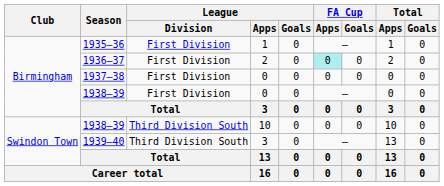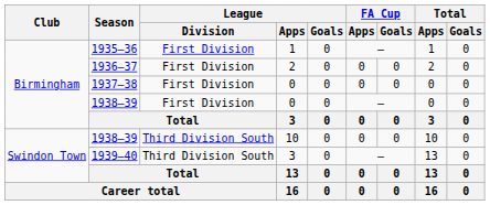 <table class="wikitable" style="text-align: center;">
 <tr>
 <th rowspan="2" scope="col">Club</th>
 <th rowspan="2" scope="col">Season</th>
 <th colspan="3" scope="col">League</th>
 <th colspan="2" scope="col"><a href='#'>FA Cup</a></th>
 <th colspan="2" scope="col">Total</th>
 </tr>
 <tr>
 <th scope="col">Division</th>
 <th scope="col">Apps</th>
 <th scope="col">Goals</th>
 <th scope="col">Apps</th>
 <th scope="col">Goals</th>
 <th scope="col">Apps</th>
 <th scope="col">Goals</th>
 </tr>
 <tr>
 <td rowspan="5"><a href='#'>Birmingham</a></td>
 <td><a href='#'>1935–36</a></td>
 <td><a href='#'>First Division</a></td>
 <td>1</td>
 <td>0</td>
 <td colspan="2">—</td>
 <td>1</td>
 <td>0</td>
 </tr>
 <tr>
 <td><a href='#'>1936–37</a></td>
 <td>First Division</td>
 <td>2</td>
 <td>0</td>
-<td style="background: paleturquoise;">0</td>
+<td>0</td>
 <td>0</td>
 <td>2</td>
 <td>0</td>
 </tr>
 <tr>
 <td><a href='#'>1937–38</a></td>
 <td>First Division</td>
 <td>0</td>
 <td>0</td>
 <td>0</td>
 <td>0</td>
 <td>0</td>
 <td>0</td>
 </tr>
 <tr>
 <td><a href='#'>1938–39</a></td>
 <td>First Division</td>
 <td>0</td>
 <td>0</td>
 <td colspan="2">—</td>
 <td>0</td>
 <td>0</td>
 </tr>
 <tr>
 <th colspan="2">Total</th>
 <th>3</th>
 <th>0</th>
 <th>0</th>
 <th>0</th>
 <th>3</th>
 <th>0</th>
 </tr>
 <tr>
 <td rowspan="3"><a href='#'>Swindon Town</a></td>
 <td><a href='#'>1938–39</a></td>
 <td><a href='#'>Third Division South</a></td>
 <td>10</td>
 <td>0</td>
 <td>0</td>
 <td>0</td>
 <td>10</td>
 <td>0</td>
 </tr>
 <tr>
 <td><a href='#'>1939–40</a></td>
 <td>Third Division South</td>
 <td>3</td>
 <td>0</td>
 <td colspan="2">—</td>
 <td>13</td>
 <td>0</td>
 </tr>
 <tr>
 <th colspan="2">Total</th>
 <th>13</th>
 <th>0</th>
 <th>0</th>
 <th>0</th>
 <th>13</th>
 <th>0</th>
 </tr>
 <tr>
 <th colspan="3">Career total</th>
 <th>16</th>
 <th>0</th>
 <th>0</th>
 <th>0</th>
 <th>16</th>
 <th>0</th>
 </tr>
 </table>
